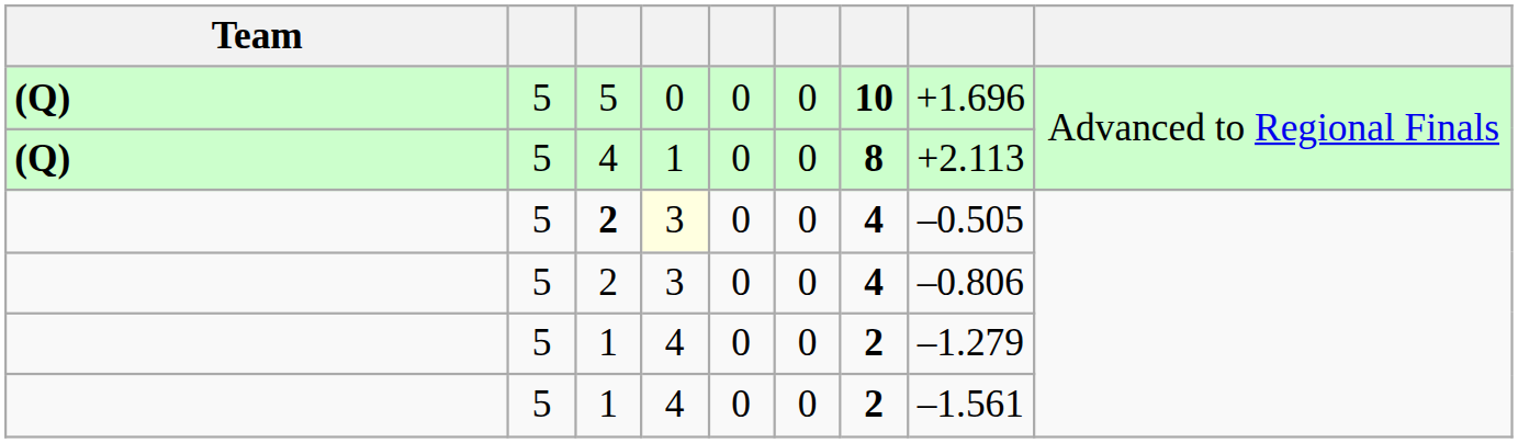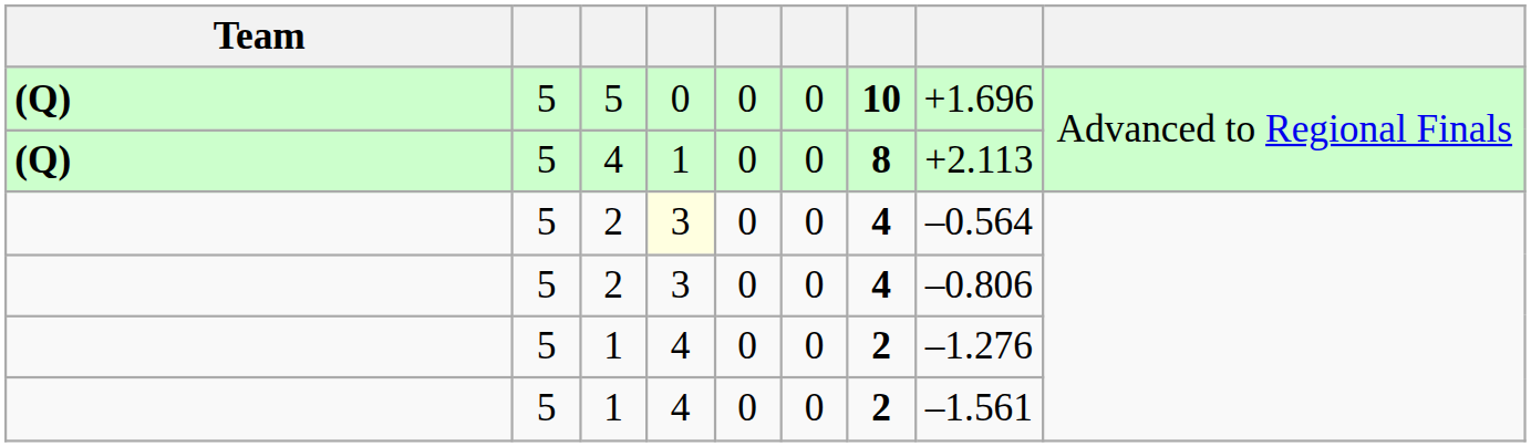 <table class="wikitable" style="text-align:center">
 <tr>
 <th width=200>Team</th>
 <th width=20></th>
 <th width=20></th>
 <th width=20></th>
 <th width=20></th>
 <th width=20></th>
 <th width=20></th>
 <th width=45></th>
 <th width=190></th>
 </tr>
 <tr style="background:#cfc">
 <td align="left"> <strong>(Q)</strong></td>
 <td>5</td>
 <td>5</td>
 <td>0</td>
 <td>0</td>
 <td>0</td>
 <td><strong>10</strong></td>
 <td>+1.696</td>
 <td rowspan=2>Advanced to <a href='#'>Regional Finals</a></td>
 </tr>
 <tr style="background:#cfc">
 <td align="left"> <strong>(Q)</strong></td>
 <td>5</td>
 <td>4</td>
 <td>1</td>
 <td>0</td>
 <td>0</td>
 <td><strong>8</strong></td>
 <td>+2.113</td>
 </tr>
 <tr>
 <td align="left"></td>
 <td>5</td>
-<td><strong>2</strong></td>
+<td>2</td>
 <td style="background: lightyellow;">3</td>
 <td>0</td>
 <td>0</td>
 <td><strong>4</strong></td>
-<td>–0.505</td>
+<td>–0.564</td>
 <td rowspan=4></td>
 </tr>
 <tr>
 <td align="left"></td>
 <td>5</td>
 <td>2</td>
 <td>3</td>
 <td>0</td>
 <td>0</td>
 <td><strong>4</strong></td>
 <td>–0.806</td>
 </tr>
 <tr>
 <td align="left"></td>
 <td>5</td>
 <td>1</td>
 <td>4</td>
 <td>0</td>
 <td>0</td>
 <td><strong>2</strong></td>
-<td>–1.279</td>
+<td>–1.276</td>
 </tr>
 <tr>
 <td align="left"></td>
 <td>5</td>
 <td>1</td>
 <td>4</td>
 <td>0</td>
 <td>0</td>
 <td><strong>2</strong></td>
 <td>–1.561</td>
 </tr>
 </table>
